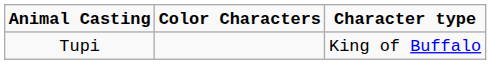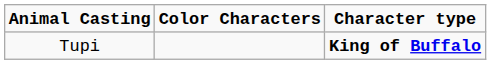 <table class="wikitable" style="text-align:center;">
 <tr>
 <td><span><strong>Animal Casting</strong></span></td>
 <td><span><strong>Color Characters</strong></span></td>
 <td><span><strong>Character type</strong></span></td>
 </tr>
 <tr>
 <td>Tupi</td>
 <td></td>
-<td>King of <a href='#'>Buffalo</a></td>
+<td><strong>King of <a href='#'>Buffalo</a></strong></td>
 </tr>
 </table>
